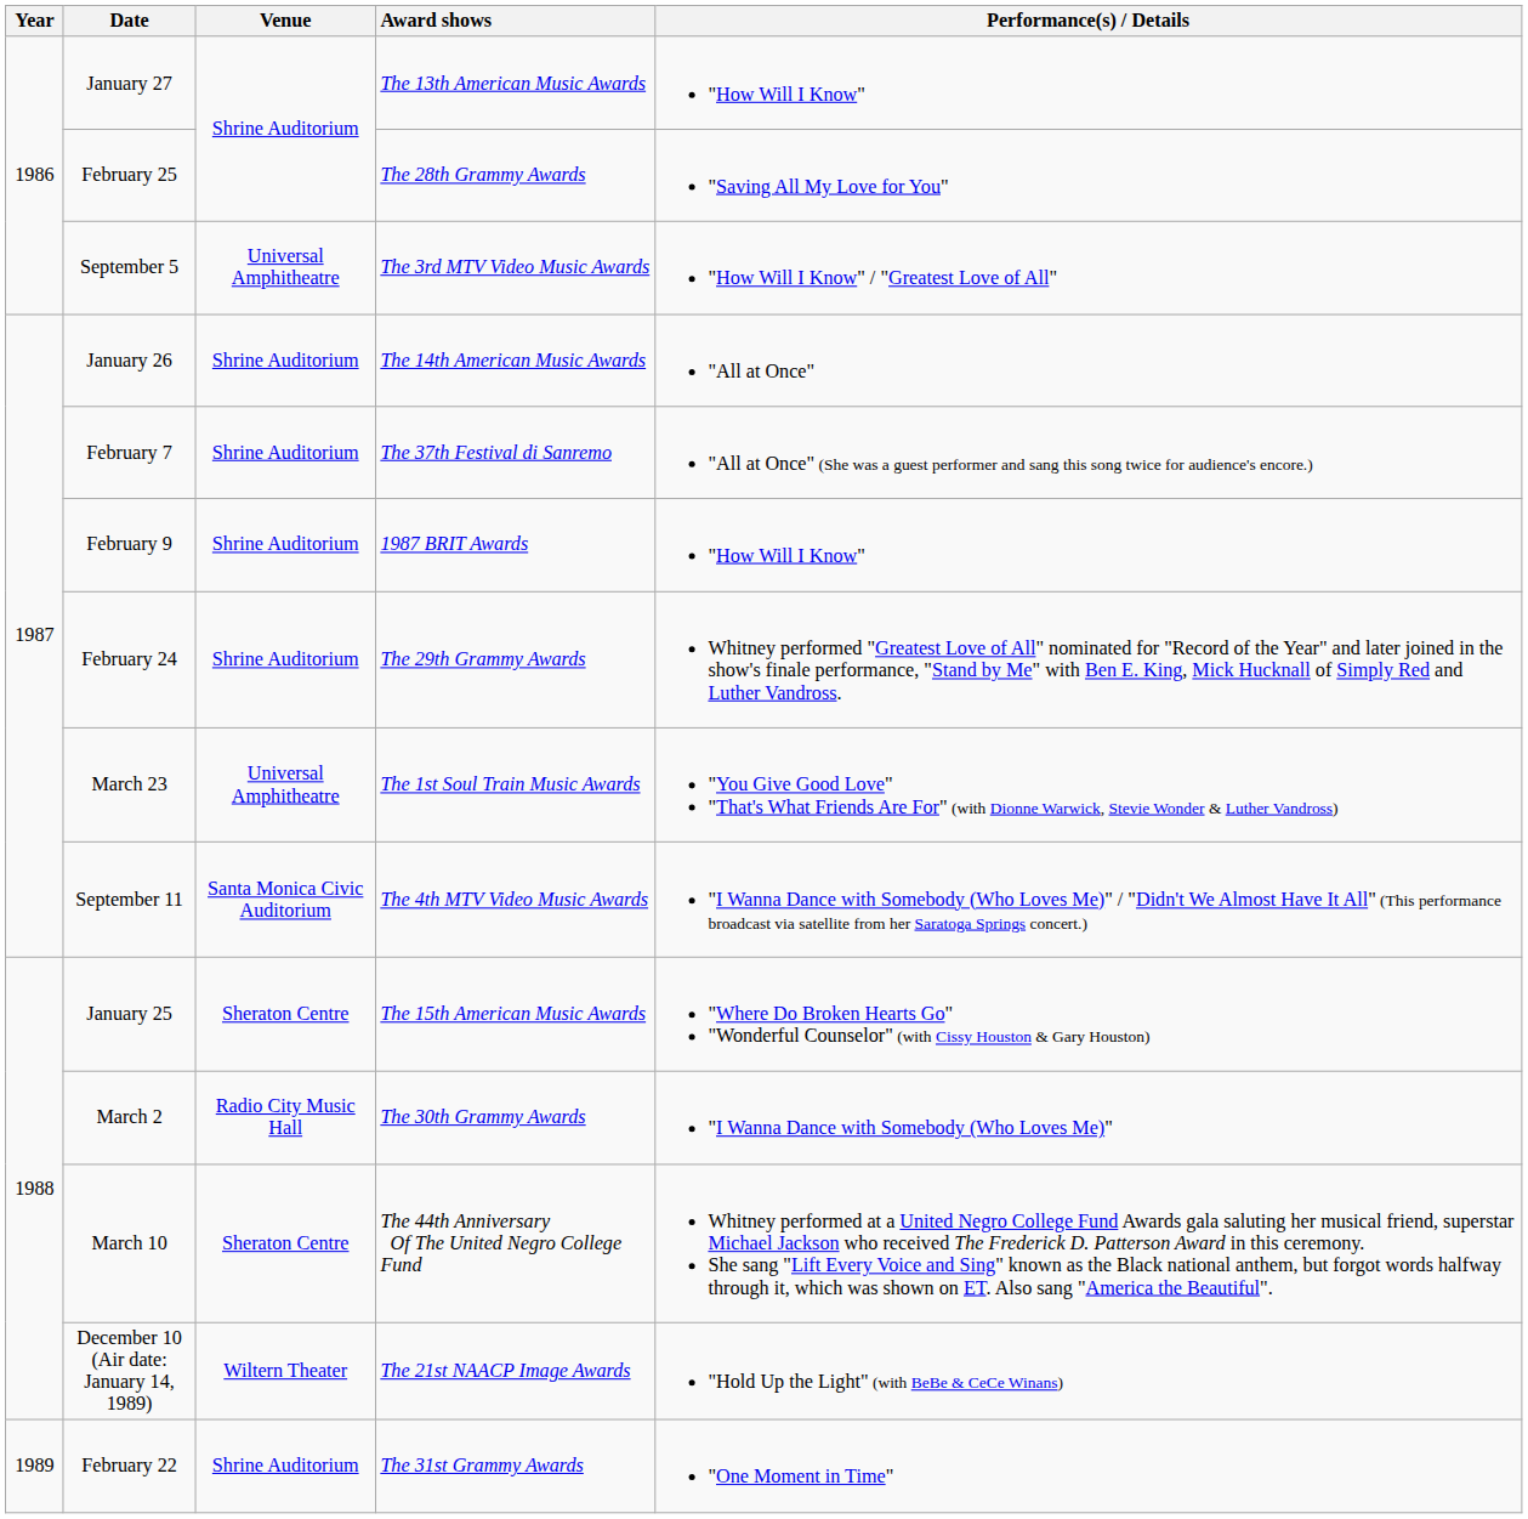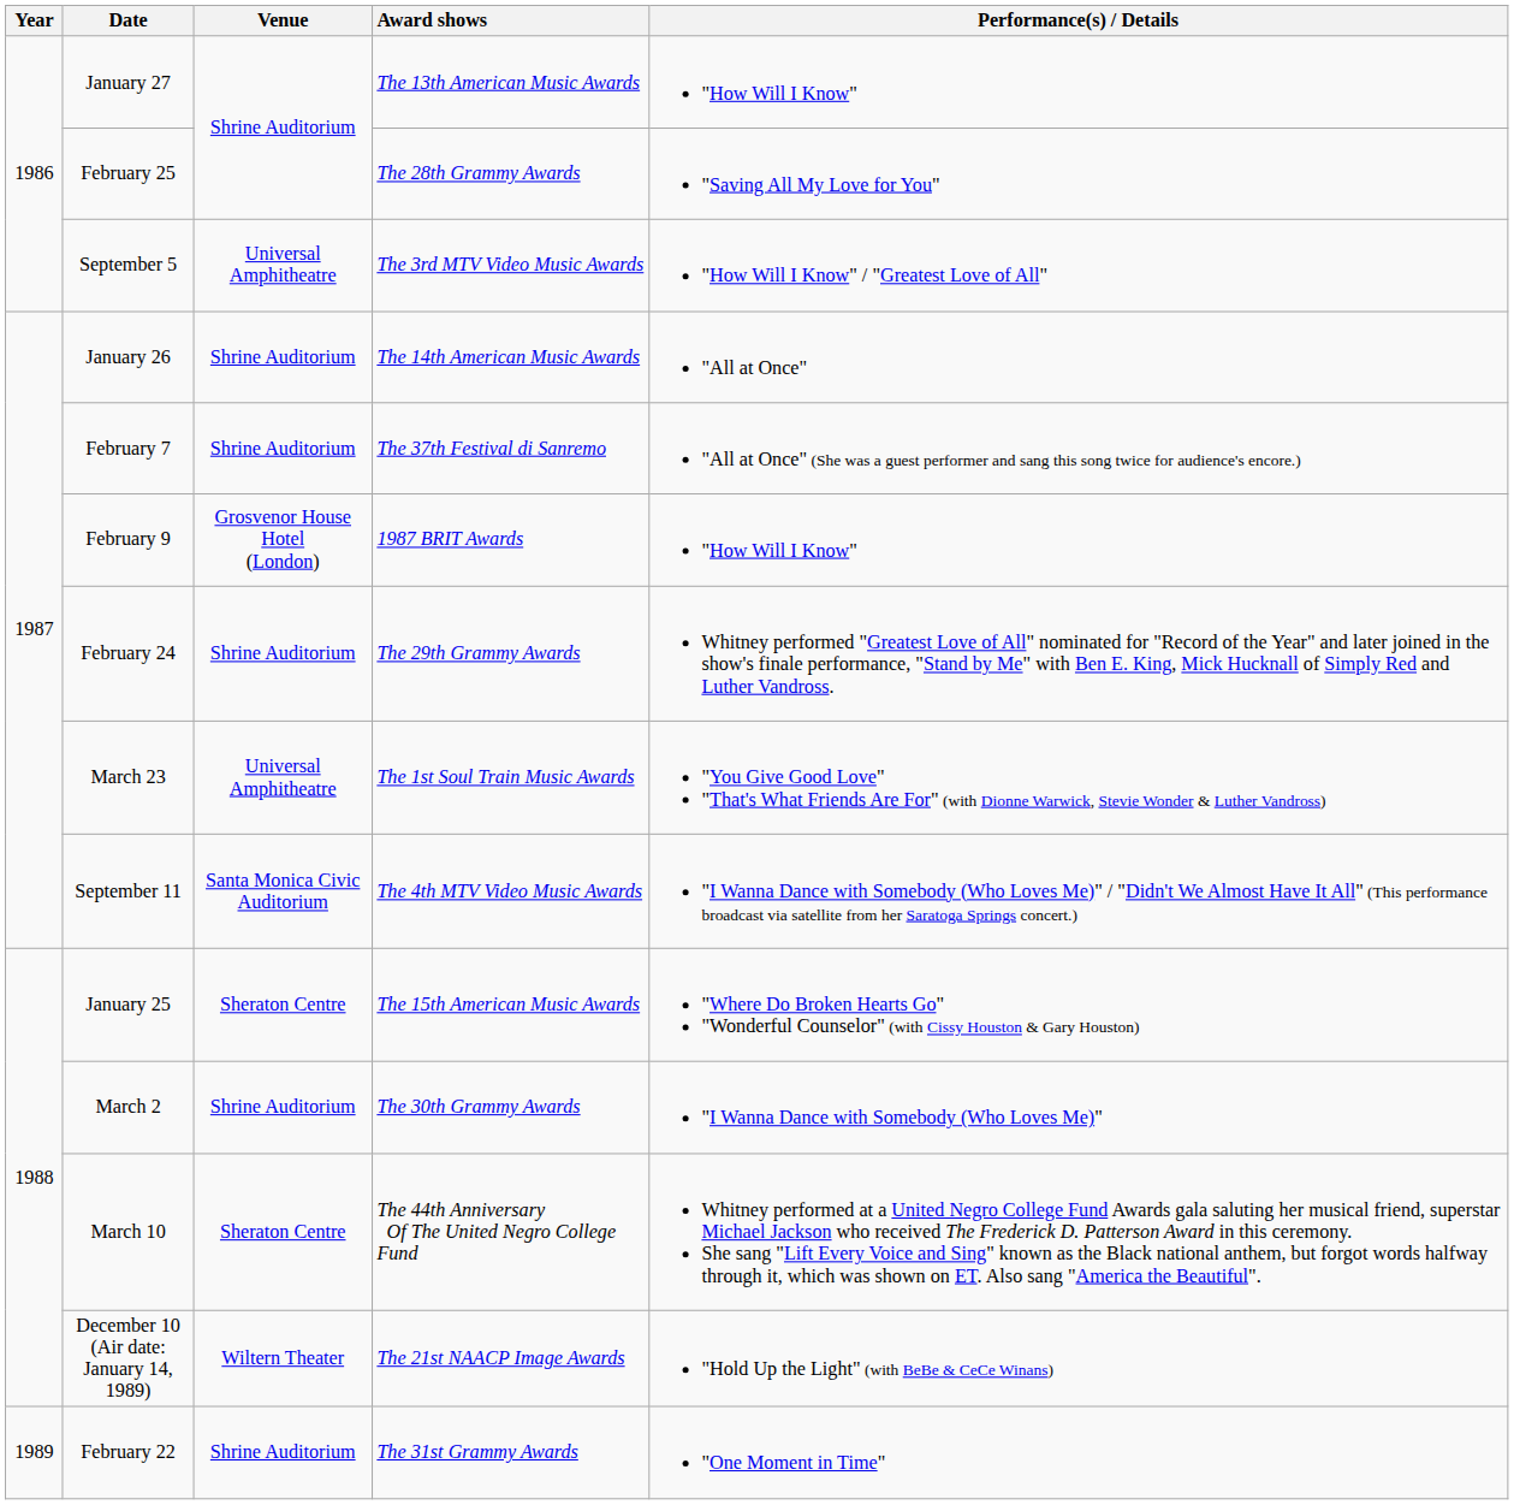 <table class="wikitable">
 <tr>
 <th style="text-align:center; width:40px;">Year</th>
 <th style="text-align:center; width:100px;">Date</th>
 <th style="text-align:center; width:140px;">Venue</th>
 <th style="text-align:left; width:220px;">Award shows</th>
 <th style="text-align:center; width:700px;">Performance(s) / Details</th>
 </tr>
 <tr>
 <td style="text-align:center;" rowspan="3">1986</td>
 <td style="text-align:center;">January 27</td>
 <td style="text-align:center;" rowspan="2"><a href='#'>Shrine Auditorium</a></td>
 <td align="left"><em><a href='#'>The 13th American Music Awards</a></em></td>
 <td align="left"><br><ul><li>"<a href='#'>How Will I Know</a>"</li></ul></td>
 </tr>
 <tr>
 <td style="text-align:center;">February 25</td>
 <td align="left"><em><a href='#'>The 28th Grammy Awards</a></em></td>
 <td align="left"><br><ul><li>"<a href='#'>Saving All My Love for You</a>"</li></ul></td>
 </tr>
 <tr>
 <td style="text-align:center;">September 5</td>
 <td style="text-align:center;"><a href='#'>Universal Amphitheatre</a></td>
 <td align="left"><em><a href='#'>The 3rd MTV Video Music Awards</a></em></td>
 <td align="left"><br><ul><li>"<a href='#'>How Will I Know</a>" / "<a href='#'>Greatest Love of All</a>"</li></ul></td>
 </tr>
 <tr>
 <td style="text-align:center;" rowspan="6">1987</td>
 <td style="text-align:center;">January 26</td>
 <td style="text-align:center;"><a href='#'>Shrine Auditorium</a></td>
 <td align="left"><em><a href='#'>The 14th American Music Awards</a></em></td>
 <td align="left"><br><ul><li>"All at Once"</li></ul></td>
 </tr>
 <tr>
 <td style="text-align:center;">February 7</td>
 <td style="text-align:center;"><a href='#'>Shrine Auditorium</a></td>
 <td align="left"><em><a href='#'>The 37th Festival di Sanremo</a></em></td>
 <td align="left"><br><ul><li>"All at Once"<small> (She was a guest performer and sang this song twice for audience's encore.)</small></li></ul></td>
 </tr>
 <tr>
 <td style="text-align:center;">February 9</td>
-<td style="text-align:center;"><a href='#'>Shrine Auditorium</a></td>
+<td style="text-align:center;"><a href='#'>Grosvenor House Hotel</a><br>(<a href='#'>London</a>)</td>
 <td align="left"><em><a href='#'>1987 BRIT Awards</a></em></td>
 <td align="left"><br><ul><li>"<a href='#'>How Will I Know</a>"</li></ul></td>
 </tr>
 <tr>
 <td style="text-align:center;">February 24</td>
 <td style="text-align:center;"><a href='#'>Shrine Auditorium</a></td>
 <td align="left"><em><a href='#'>The 29th Grammy Awards</a></em></td>
 <td align="left"><br><ul><li>Whitney performed "<a href='#'>Greatest Love of All</a>" nominated for "Record of the Year" and later joined in the show's finale performance, "<a href='#'>Stand by Me</a>" with <a href='#'>Ben E. King</a>, <a href='#'>Mick Hucknall</a> of <a href='#'>Simply Red</a> and <a href='#'>Luther Vandross</a>.</li></ul></td>
 </tr>
 <tr>
 <td style="text-align:center;">March 23</td>
 <td style="text-align:center;"><a href='#'>Universal Amphitheatre</a></td>
 <td align="left"><em><a href='#'>The 1st Soul Train Music Awards</a></em></td>
 <td align="left"><br><ul><li>"<a href='#'>You Give Good Love</a>"</li><li>"<a href='#'>That's What Friends Are For</a>"<small> (with <a href='#'>Dionne Warwick</a>, <a href='#'>Stevie Wonder</a> & <a href='#'>Luther Vandross</a>)</small></li></ul></td>
 </tr>
 <tr>
 <td style="text-align:center;">September 11</td>
 <td style="text-align:center;"><a href='#'>Santa Monica Civic Auditorium</a></td>
 <td align="left"><em><a href='#'>The 4th MTV Video Music Awards</a></em></td>
 <td align="left"><br><ul><li>"<a href='#'>I Wanna Dance with Somebody (Who Loves Me)</a>" / "<a href='#'>Didn't We Almost Have It All</a>"<small> (This performance broadcast via satellite from her <a href='#'>Saratoga Springs</a> concert.)</small></li></ul></td>
 </tr>
 <tr>
 <td style="text-align:center;" rowspan="4">1988</td>
 <td style="text-align:center;">January 25</td>
 <td style="text-align:center;"><a href='#'>Sheraton Centre</a></td>
 <td align="left"><em><a href='#'>The 15th American Music Awards</a></em></td>
 <td align="left"><br><ul><li>"<a href='#'>Where Do Broken Hearts Go</a>"</li><li>"Wonderful Counselor"<small> (with <a href='#'>Cissy Houston</a> & Gary Houston)</small></li></ul></td>
 </tr>
 <tr>
 <td style="text-align:center;">March 2</td>
-<td style="text-align:center;"><a href='#'>Radio City Music Hall</a></td>
+<td style="text-align:center;"><a href='#'>Shrine Auditorium</a></td>
 <td align="left"><em><a href='#'>The 30th Grammy Awards</a></em></td>
 <td align="left"><br><ul><li>"<a href='#'>I Wanna Dance with Somebody (Who Loves Me)</a>"</li></ul></td>
 </tr>
 <tr>
 <td style="text-align:center;">March 10</td>
 <td style="text-align:center;"><a href='#'>Sheraton Centre</a></td>
 <td align="left"><em>The 44th Anniversary<br>  Of The United Negro College Fund</em></td>
 <td align="left"><br><ul><li>Whitney performed at a <a href='#'>United Negro College Fund</a> Awards gala saluting her musical friend, superstar <a href='#'>Michael Jackson</a> who received <em>The Frederick D. Patterson Award</em> in this ceremony.</li><li>She sang "<a href='#'>Lift Every Voice and Sing</a>" known as the Black national anthem, but forgot words halfway through it, which was shown on <a href='#'>ET</a>. Also sang "<a href='#'>America the Beautiful</a>".</li></ul></td>
 </tr>
 <tr>
 <td style="text-align:center;">December 10<br>(Air date: January 14, 1989)</td>
 <td style="text-align:center;"><a href='#'>Wiltern Theater</a></td>
 <td align="left"><em><a href='#'>The 21st NAACP Image Awards</a></em></td>
 <td align="left"><br><ul><li>"Hold Up the Light"<small> (with <a href='#'>BeBe & CeCe Winans</a>)</small></li></ul></td>
 </tr>
 <tr>
 <td style="text-align:center;">1989</td>
 <td style="text-align:center;">February 22</td>
 <td style="text-align:center;"><a href='#'>Shrine Auditorium</a></td>
 <td align="left"><em><a href='#'>The 31st Grammy Awards</a></em></td>
 <td align="left"><br><ul><li>"<a href='#'>One Moment in Time</a>"</li></ul></td>
 </tr>
 </table>
